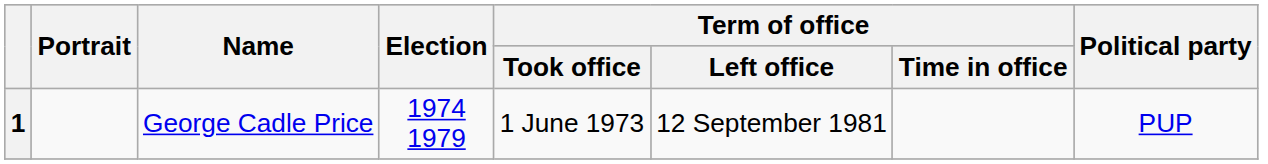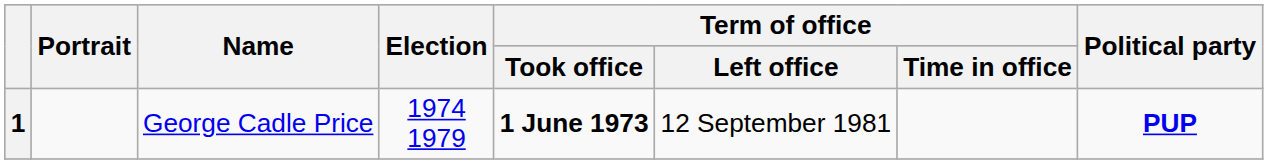 <table class=wikitable style=text-align:center>
 <tr>
 <th rowspan=2></th>
 <th rowspan=2>Portrait</th>
 <th rowspan=2>Name<br></th>
 <th rowspan=2>Election</th>
 <th colspan=3>Term of office</th>
 <th rowspan=2>Political party</th>
 </tr>
 <tr>
 <th>Took office</th>
 <th>Left office</th>
 <th>Time in office</th>
 </tr>
 <tr>
 <th style="background:">1</th>
 <td></td>
 <td><a href='#'>George Cadle Price</a><br></td>
 <td><a href='#'>1974</a><br><a href='#'>1979</a></td>
-<td>1 June 1973</td>
+<td><strong>1 June 1973</strong></td>
 <td>12 September 1981</td>
 <td></td>
-<td><a href='#'>PUP</a></td>
+<td><strong><a href='#'>PUP</a></strong></td>
 </tr>
 </table>
